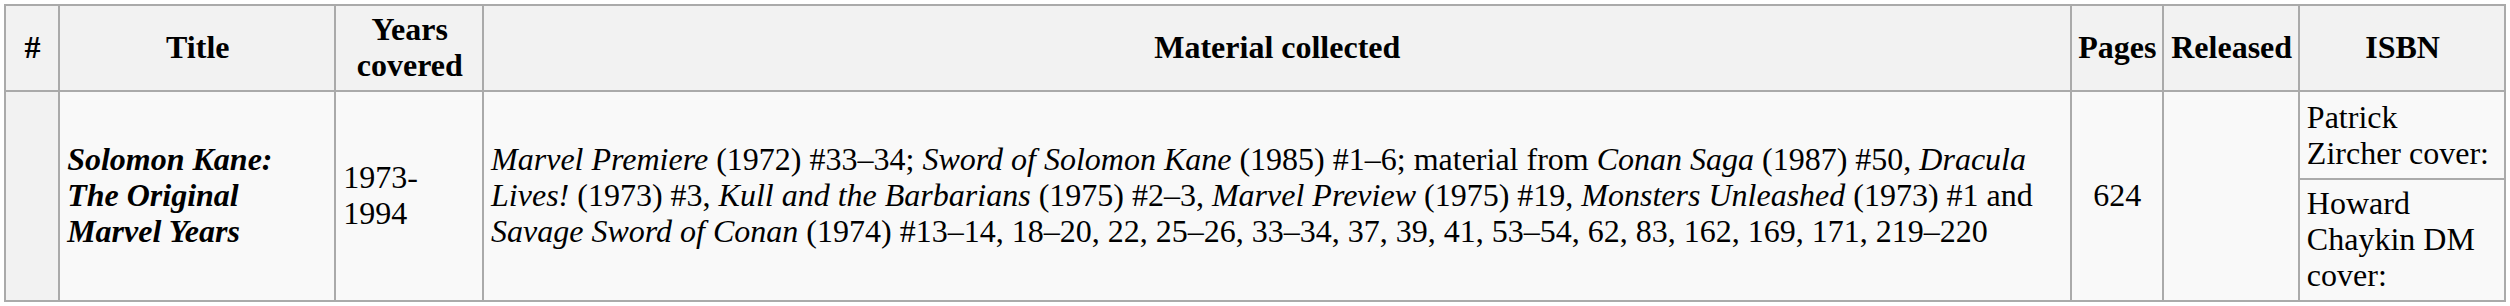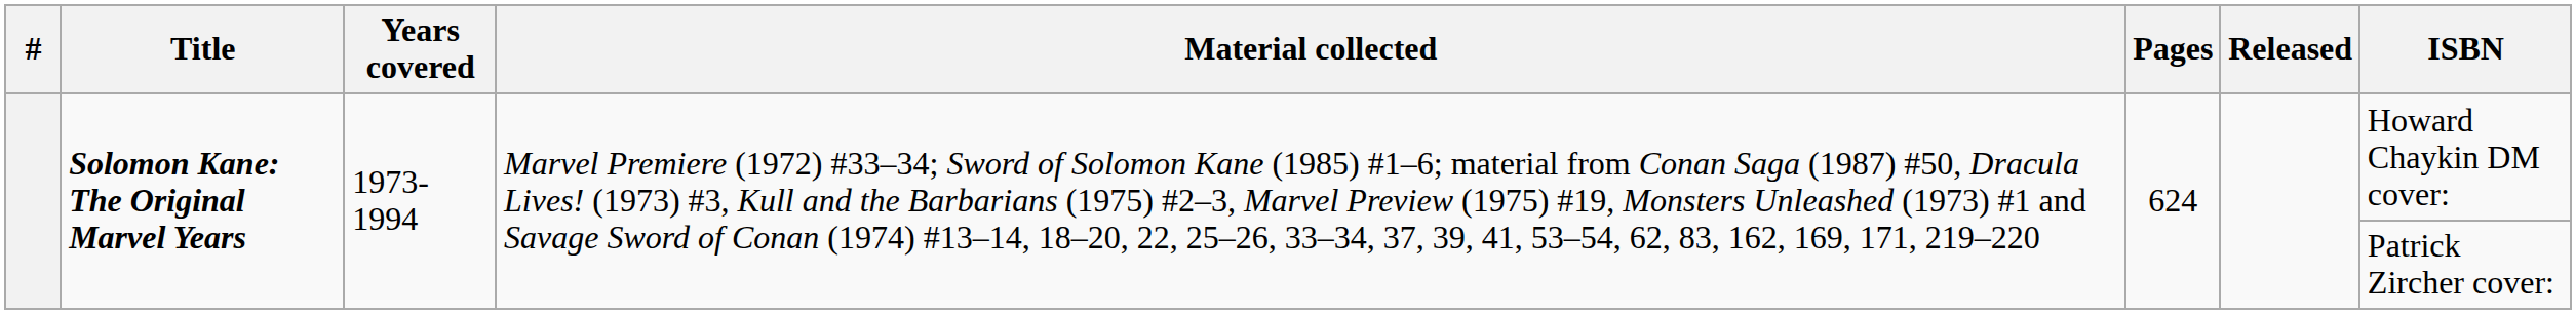 <table class="wikitable sortable" width=99%>
 <tr>
 <th class="unsortable" width=20px>#</th>
 <th>Title</th>
 <th>Years covered</th>
 <th class="unsortable">Material collected</th>
 <th>Pages</th>
 <th>Released</th>
 <th class="unsortable">ISBN</th>
 </tr>
 <tr>
 <th style="background-color: light grey;" rowspan=2></th>
 <td rowspan=2><strong><em>Solomon Kane: The Original Marvel Years</em></strong></td>
 <td rowspan=2>1973-1994</td>
 <td rowspan=2><em>Marvel Premiere</em> (1972) #33–34; <em>Sword of Solomon Kane</em> (1985) #1–6; material from <em>Conan Saga</em> (1987) #50, <em>Dracula Lives!</em> (1973) #3, <em>Kull and the Barbarians</em> (1975) #2–3, <em>Marvel Preview</em> (1975) #19, <em>Monsters Unleashed</em> (1973) #1 and <em>Savage Sword of Conan</em> (1974) #13–14, 18–20, 22, 25–26, 33–34, 37, 39, 41, 53–54, 62, 83, 162, 169, 171, 219–220</td>
 <td style="text-align: center;" rowspan=2>624</td>
 <td rowspan=2></td>
+<td>Howard Chaykin DM cover: </td>
+</tr>
+<tr>
 <td>Patrick Zircher cover: </td>
 </tr>
-<tr>
-<td>Howard Chaykin DM cover: </td>
-</tr>
 </table>
